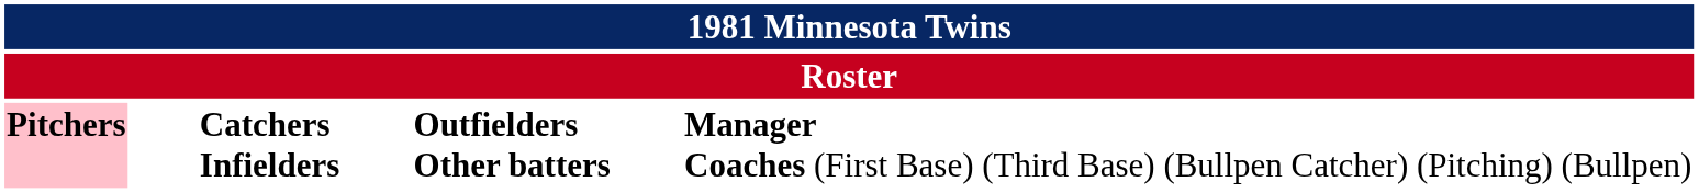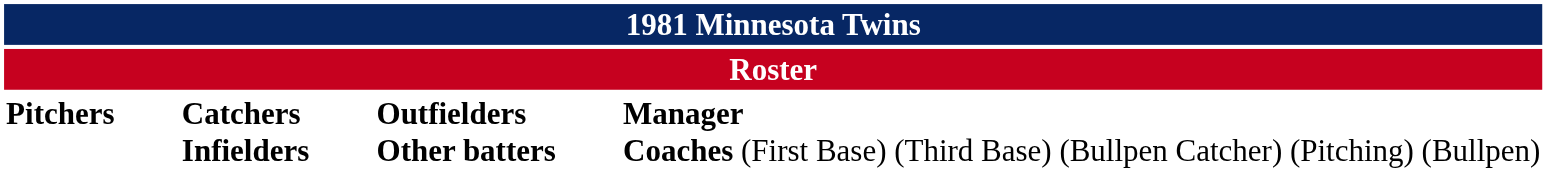 <table class="toccolours" style="font-size: 95%;">
 <tr>
 <th colspan="10" style="background:#072764; color:#fff; text-align:center;">1981 Minnesota Twins</th>
 </tr>
 <tr>
 <td colspan="10" style="background:#c6011f; color:white; text-align:center;"><strong>Roster</strong></td>
 </tr>
 <tr>
-<td valign="top" style="background: pink;"><strong>Pitchers</strong><br>             </td>
+<td valign="top"><strong>Pitchers</strong><br>             </td>
 <td style="width:25px;"></td>
 <td valign="top"><strong>Catchers</strong><br>    <strong>Infielders</strong>            </td>
 <td style="width:25px;"></td>
 <td valign="top"><strong>Outfielders</strong><br>       <strong>Other batters</strong> </td>
 <td style="width:25px;"></td>
 <td valign="top"><strong>Manager</strong><br>  <strong>Coaches</strong>  (First Base)  (Third Base)  (Bullpen Catcher)  (Pitching)  (Bullpen)</td>
 </tr>
 </table>
